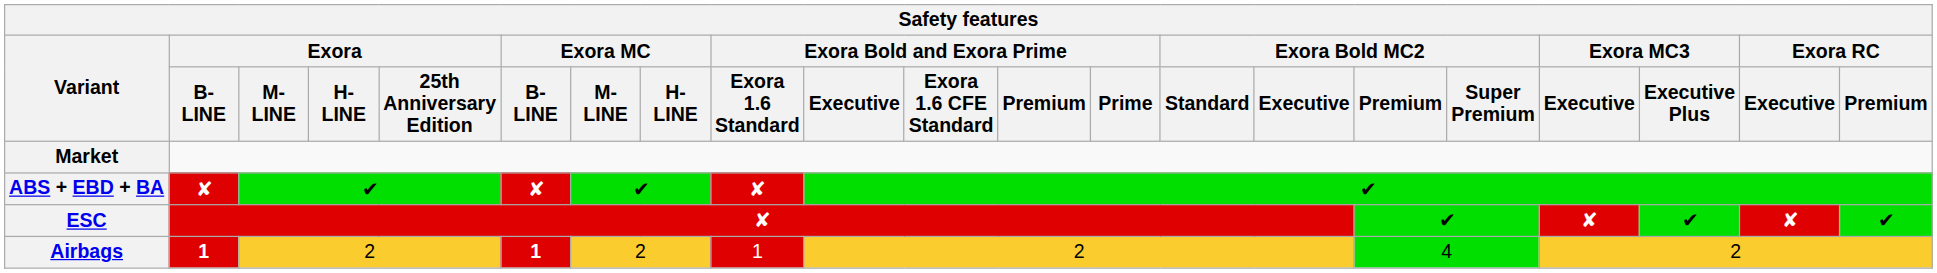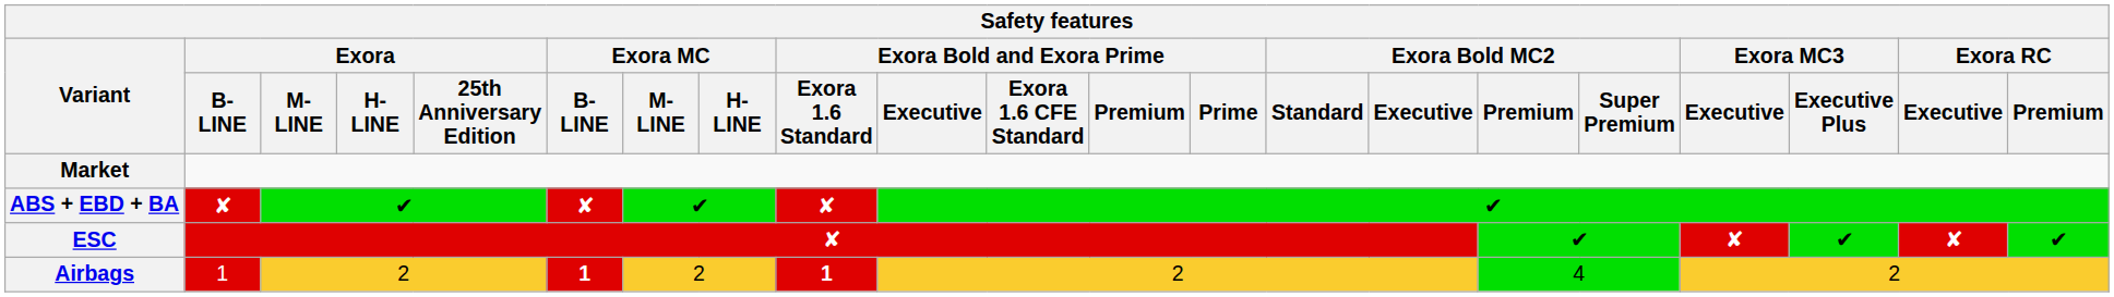 <table class="wikitable">
 <tr>
 <th colspan="21">Safety features </th>
 </tr>
 <tr>
 <th rowspan="2">Variant</th>
 <th colspan="4">Exora</th>
 <th colspan="3">Exora MC</th>
 <th colspan="5">Exora Bold and Exora Prime</th>
 <th colspan="4">Exora Bold MC2</th>
 <th colspan="2">Exora MC3</th>
 <th colspan="2">Exora RC</th>
 </tr>
 <tr>
 <th style="width: 50px;">B-LINE</th>
 <th style="width: 50px;">M-LINE</th>
 <th style="width: 50px;">H-LINE</th>
 <th style="width: 50px;">25th Anniversary Edition</th>
 <th style="width: 50px;">B-LINE</th>
 <th style="width: 50px;">M-LINE</th>
 <th style="width: 50px;">H-LINE</th>
 <th style="width: 50px;">Exora 1.6 Standard</th>
 <th style="width: 50px;">Executive</th>
 <th style="width: 50px;">Exora 1.6 CFE Standard</th>
 <th style="width: 50px;">Premium</th>
 <th style="width: 50px;">Prime</th>
 <th style="width: 50px;">Standard</th>
 <th style="width: 50px;">Executive</th>
 <th style="width: 50px;">Premium</th>
 <th style="width: 50px;">Super Premium</th>
 <th style="width: 50px;">Executive</th>
 <th style="width: 50px;">Executive Plus</th>
 <th>Executive</th>
 <th>Premium</th>
 </tr>
 <tr>
 <th>Market</th>
 <td align="center" colspan="20"></td>
 </tr>
 <tr>
 <th><a href='#'>ABS</a> + <a href='#'>EBD</a> + <a href='#'>BA</a></th>
 <td colspan="1" style="background: #DF0101; color: white" align="center">✘</td>
 <td colspan="3" style="background: #01DF01; color: black" align="center">✔</td>
 <td colspan="1" style="background: #DF0101; color: white" align="center">✘</td>
 <td colspan="2" style="background: #01DF01; color: black" align="center">✔</td>
 <td colspan="1" style="background: #DF0101; color: white" align="center">✘</td>
 <td align="center" style="background: #01DF01; color: black" colspan="12">✔</td>
 </tr>
 <tr>
 <th><a href='#'>ESC</a></th>
 <td colspan="14" style="background: #DF0101; color: white" align="center">✘</td>
 <td colspan="2" style="background: #01DF01; color: black" align="center">✔</td>
 <td style="background: #DF0101; color: white" align="center">✘</td>
 <td align="center" style="background: #01DF01; color: black">✔</td>
 <td style="background: #DF0101; color: white" align="center">✘</td>
 <td align="center" style="background: #01DF01; color: black">✔</td>
 </tr>
 <tr>
 <th><a href='#'>Airbags</a></th>
-<td colspan="1" style="background: #DF0101; color: white" align="center"><strong>1</strong></td>
+<td colspan="1" style="background: #DF0101; color: white" align="center">1</td>
 <td colspan="3" style="background: #FACC2E; color: black" align="center">2</td>
 <td colspan="1" style="background: #DF0101; color: white" align="center"><strong>1</strong></td>
 <td colspan="2" style="background: #FACC2E; color: black" align="center">2</td>
-<td colspan="1" style="background: #DF0101; color: white" align="center">1</td>
+<td colspan="1" style="background: #DF0101; color: white" align="center"><strong>1</strong></td>
 <td colspan="6" style="background: #FACC2E; color: black" align="center">2</td>
 <td colspan="2" style="background: #01DF01; color: black" align="center">4</td>
 <td align="center" style="background: #FACC2E; color: black" colspan="4">2</td>
 </tr>
 </table>
